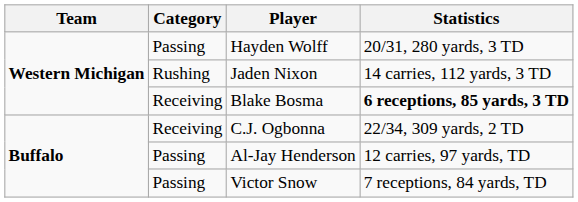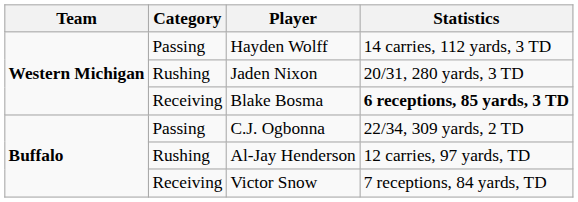 <table class="wikitable" style="float: right;">
 <tr>
 <th>Team</th>
 <th>Category</th>
 <th>Player</th>
 <th>Statistics</th>
 </tr>
 <tr>
 <td rowspan=3><strong>Western Michigan</strong></td>
 <td>Passing</td>
 <td>Hayden Wolff</td>
-<td>20/31, 280 yards, 3 TD</td>
+<td>14 carries, 112 yards, 3 TD</td>
 </tr>
 <tr>
 <td>Rushing</td>
 <td>Jaden Nixon</td>
-<td>14 carries, 112 yards, 3 TD</td>
+<td>20/31, 280 yards, 3 TD</td>
 </tr>
 <tr>
 <td>Receiving</td>
 <td>Blake Bosma</td>
 <td><strong>6 receptions, 85 yards, 3 TD</strong></td>
 </tr>
 <tr>
 <td rowspan=3><strong>Buffalo</strong></td>
-<td>Receiving</td>
+<td>Passing</td>
 <td>C.J. Ogbonna</td>
 <td>22/34, 309 yards, 2 TD</td>
 </tr>
 <tr>
-<td>Passing</td>
+<td>Rushing</td>
 <td>Al-Jay Henderson</td>
 <td>12 carries, 97 yards, TD</td>
 </tr>
 <tr>
-<td>Passing</td>
+<td>Receiving</td>
 <td>Victor Snow</td>
 <td>7 receptions, 84 yards, TD</td>
 </tr>
 </table>
